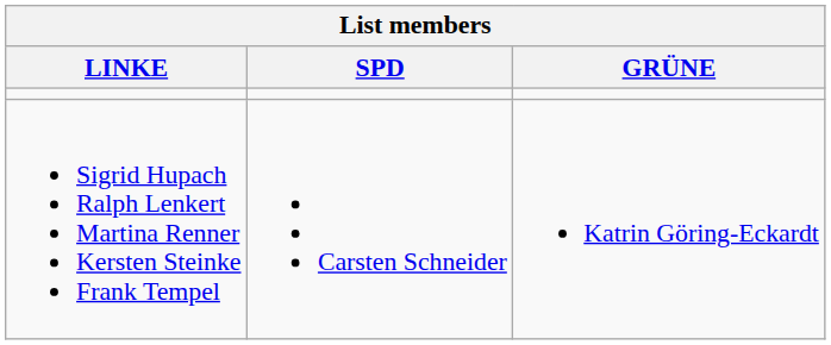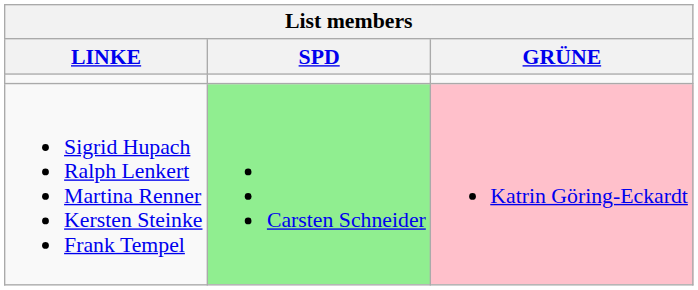 <table class=wikitable>
 <tr>
 <th colspan=3>List members</th>
 </tr>
 <tr>
 <th><a href='#'>LINKE</a></th>
 <th><a href='#'>SPD</a></th>
 <th><a href='#'>GRÜNE</a></th>
 </tr>
 <tr>
 <td bgcolor=></td>
 <td bgcolor=></td>
 <td bgcolor=></td>
 </tr>
 <tr>
 <td><br><ul><li><a href='#'>Sigrid Hupach</a></li><li><a href='#'>Ralph Lenkert</a></li><li><a href='#'>Martina Renner</a></li><li><a href='#'>Kersten Steinke</a></li><li><a href='#'>Frank Tempel</a></li></ul></td>
-<td><br><ul><li></li><li></li><li><a href='#'>Carsten Schneider</a></li></ul></td>
-<td><br><ul><li><a href='#'>Katrin Göring-Eckardt</a></li></ul></td>
+<td style="background: lightgreen;"><br><ul><li></li><li></li><li><a href='#'>Carsten Schneider</a></li></ul></td>
+<td style="background: pink;"><br><ul><li><a href='#'>Katrin Göring-Eckardt</a></li></ul></td>
 </tr>
 </table>
